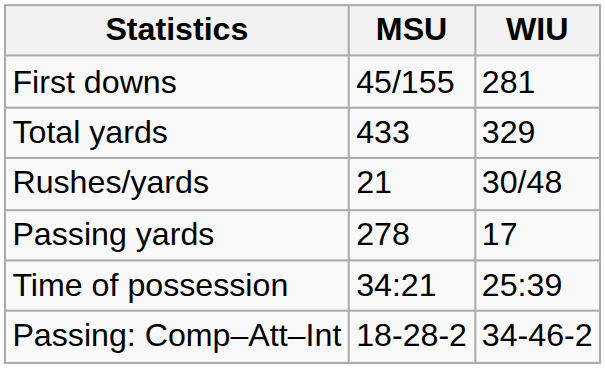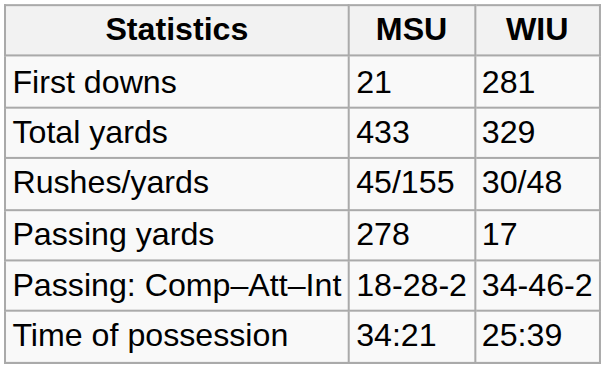 <table class="wikitable" style="float: left;">
 <tr>
 <th>Statistics</th>
 <th>MSU</th>
 <th>WIU</th>
 </tr>
 <tr>
 <td>First downs</td>
-<td>45/155</td>
+<td>21</td>
 <td>281</td>
 </tr>
 <tr>
 <td>Total yards</td>
 <td>433</td>
 <td>329</td>
 </tr>
 <tr>
 <td>Rushes/yards</td>
-<td>21</td>
+<td>45/155</td>
 <td>30/48</td>
 </tr>
 <tr>
 <td>Passing yards</td>
 <td>278</td>
 <td>17</td>
 </tr>
 <tr>
+<td>Passing: Comp–Att–Int</td>
+<td>18-28-2</td>
+<td>34-46-2</td>
+</tr>
+<tr>
 <td>Time of possession</td>
 <td>34:21</td>
 <td>25:39</td>
 </tr>
 <tr>
-<td>Passing: Comp–Att–Int</td>
-<td>18-28-2</td>
-<td>34-46-2</td>
-</tr>
-<tr>
 </tr>
 </table>
